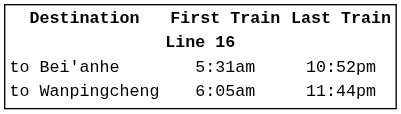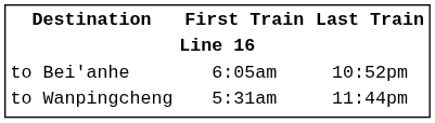 <table style="text-align:centre; font-size:95%; border:1px solid black">
 <tr>
 <th>Destination</th>
 <th></th>
 <th>First Train</th>
 <th></th>
 <th>Last Train</th>
 </tr>
 <tr>
 <th colspan="7" style="background-color:#">Line 16</th>
 </tr>
 <tr>
 <td>to Bei'anhe</td>
 <td></td>
-<td style="text-align:center">5:31am</td>
+<td style="text-align:center">6:05am</td>
 <td></td>
 <td style="text-align:center">10:52pm</td>
 </tr>
 <tr>
 <td>to Wanpingcheng</td>
 <td></td>
-<td style="text-align:center">6:05am</td>
+<td style="text-align:center">5:31am</td>
 <td></td>
 <td style="text-align:center">11:44pm</td>
 </tr>
 <tr>
 </tr>
 </table>
